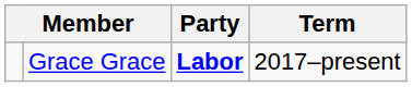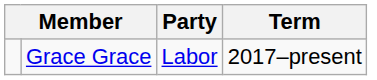 <table class="wikitable">
 <tr>
 <th colspan="2">Member</th>
 <th>Party</th>
 <th>Term</th>
 </tr>
 <tr>
 <td> </td>
 <td><a href='#'>Grace Grace</a></td>
-<td><strong><a href='#'>Labor</a></strong></td>
+<td><a href='#'>Labor</a></td>
 <td>2017–present</td>
 </tr>
 </table>
